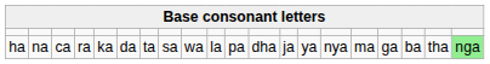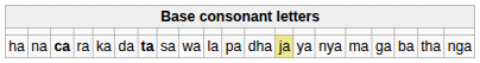 <table class="wikitable" style="border-collapse:collapse;">
 <tr>
 <td colspan="20" align="center" bgcolor="#efefef"><strong>Base consonant letters</strong></td>
 </tr>
 <tr>
 <td align="center"></td>
 <td align="center"></td>
 <td align="center"></td>
 <td align="center"></td>
 <td align="center"></td>
 <td align="center"></td>
 <td align="center"></td>
 <td align="center"></td>
 <td align="center"></td>
 <td align="center"></td>
 <td align="center"></td>
 <td align="center"></td>
 <td align="center"></td>
 <td align="center"></td>
 <td align="center"></td>
 <td align="center"></td>
 <td align="center"></td>
 <td align="center"></td>
 <td align="center"></td>
 <td align="center"></td>
 </tr>
 <tr>
 <td align="center">ha</td>
 <td align="center">na</td>
-<td align="center">ca</td>
+<td align="center"><strong>ca</strong></td>
 <td align="center">ra</td>
 <td align="center">ka</td>
 <td align="center">da</td>
-<td align="center">ta</td>
+<td align="center"><strong>ta</strong></td>
 <td align="center">sa</td>
 <td align="center">wa</td>
 <td align="center">la</td>
 <td align="center">pa</td>
 <td align="center">dha</td>
-<td align="center">ja</td>
+<td align="center" style="background: khaki;">ja</td>
 <td align="center">ya</td>
 <td align="center">nya</td>
 <td align="center">ma</td>
 <td align="center">ga</td>
 <td align="center">ba</td>
 <td align="center">tha</td>
-<td align="center" style="background: lightgreen;">nga</td>
+<td align="center">nga</td>
 </tr>
 </table>
